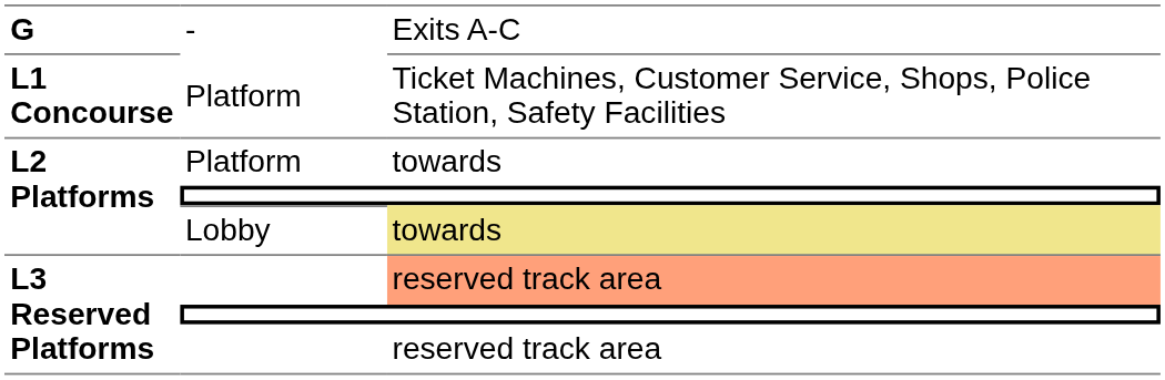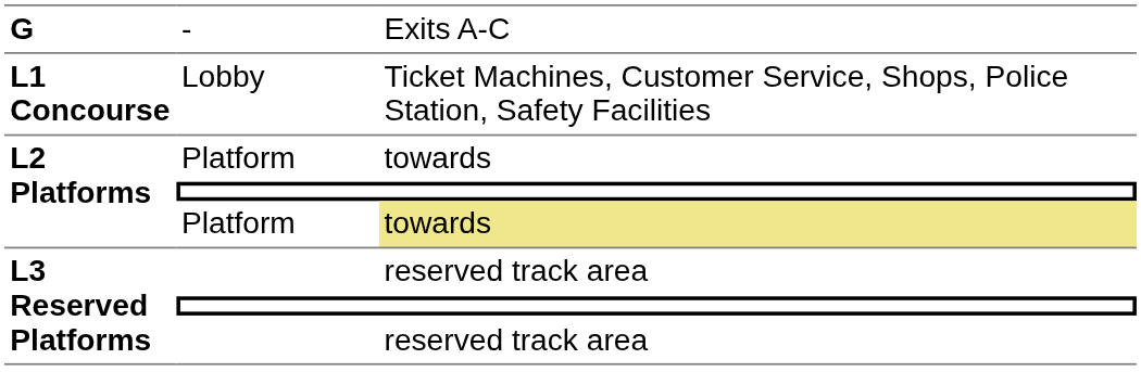 <table border=0 cellspacing=0 cellpadding=3>
 <tr>
 <td style="border-top:solid 1px gray;" width=50 valign=top><strong>G</strong></td>
 <td style="border-top:solid 1px gray;" width=100 valign=top>-</td>
 <td style="border-top:solid 1px gray;" width=390 valign=top>Exits A-C</td>
 </tr>
 <tr>
 <td style="border-bottom:solid 1px gray; border-top:solid 1px gray;" valign=top><strong>L1<br>Concourse</strong></td>
-<td style="border-bottom:solid 1px gray;">Platform </td>
+<td style="border-bottom:solid 1px gray; border-top:solid 1px gray;" valign=top>Lobby</td>
 <td style="border-bottom:solid 1px gray; border-top:solid 1px gray;" valign=top>Ticket Machines, Customer Service, Shops, Police Station, Safety Facilities</td>
 </tr>
 <tr>
 <td style="border-bottom:solid 1px gray;" rowspan=3 valign=top><strong>L2<br>Platforms</strong></td>
 <td>Platform </td>
 <td>  towards  </td>
 </tr>
 <tr>
 <td style="border-right:solid 2px black;border-left:solid 2px black;border-top:solid 2px black;border-bottom:solid 2px black;text-align:center;" colspan=2></td>
 </tr>
 <tr>
-<td style="border-bottom:solid 1px gray; border-top:solid 1px gray;" valign=top>Lobby</td>
+<td style="border-bottom:solid 1px gray;">Platform </td>
 <td style="background: khaki; border-bottom:solid 1px gray;"> towards   </td>
 </tr>
 <tr>
 <td style="border-bottom:solid 1px gray;" rowspan=3 valign=top><strong>L3<br>Reserved Platforms</strong></td>
 <td></td>
-<td style="background: lightsalmon;"> reserved track area</td>
+<td> reserved track area</td>
 </tr>
 <tr>
 <td style="border-right:solid 2px black;border-left:solid 2px black;border-top:solid 2px black;border-bottom:solid 2px black;text-align:center;" colspan=2></td>
 </tr>
 <tr>
 <td style="border-bottom:solid 1px gray;"></td>
 <td style="border-bottom:solid 1px gray;"> reserved track area</td>
 </tr>
 </table>
